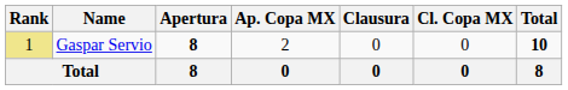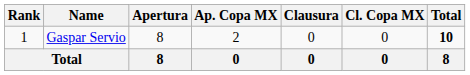 <table class="wikitable" style="text-align: center;">
 <tr>
 <th>Rank</th>
 <th>Name</th>
 <th>Apertura</th>
 <th>Ap. Copa MX</th>
 <th>Clausura</th>
 <th>Cl. Copa MX</th>
 <th>Total</th>
 </tr>
 <tr>
-<td style="background: khaki;">1</td>
+<td>1</td>
 <td align=left> <a href='#'>Gaspar Servio</a></td>
-<td><strong>8</strong></td>
+<td>8</td>
 <td>2</td>
 <td>0</td>
 <td>0</td>
 <td><strong>10</strong></td>
 </tr>
 <tr>
 <th colspan=2>Total</th>
 <th>8</th>
 <th>0</th>
 <th>0</th>
 <th>0</th>
 <th>8</th>
 </tr>
 </table>
